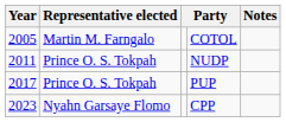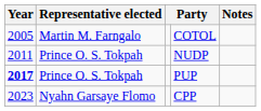 <table class="wikitable">
 <tr>
 <th>Year</th>
 <th>Representative elected</th>
 <th colspan=2>Party</th>
 <th>Notes</th>
 </tr>
 <tr>
 <td><a href='#'>2005</a></td>
 <td><a href='#'>Martin M. Farngalo</a></td>
 <td></td>
 <td><a href='#'>COTOL</a></td>
 <td></td>
 </tr>
 <tr>
 <td><a href='#'>2011</a></td>
 <td><a href='#'>Prince O. S. Tokpah</a></td>
 <td></td>
 <td><a href='#'>NUDP</a></td>
 <td></td>
 </tr>
 <tr>
-<td><a href='#'>2017</a></td>
+<td><strong><a href='#'>2017</a></strong></td>
 <td><a href='#'>Prince O. S. Tokpah</a></td>
 <td></td>
 <td><a href='#'>PUP</a></td>
 <td></td>
 </tr>
 <tr>
 <td><a href='#'>2023</a></td>
 <td><a href='#'>Nyahn Garsaye Flomo</a></td>
 <td></td>
 <td><a href='#'>CPP</a></td>
 <td></td>
 </tr>
 </table>
